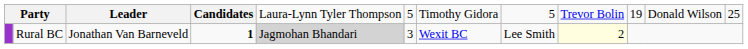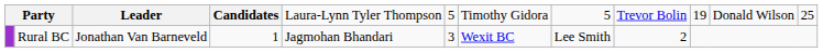 <table class="wikitable">
 <tr>
 <th colspan="2">Party</th>
 <th>Leader</th>
 <th>Candidates<br></th>
 <td>Laura-Lynn Tyler Thompson</td>
 <td style="text-align:right;">5<br></td>
 <td>Timothy Gidora</td>
 <td style="text-align:right;">5<br></td>
 <td><a href='#'>Trevor Bolin</a></td>
 <td style="text-align:right;">19<br></td>
 <td>Donald Wilson</td>
 <td style="text-align:right;">25</td>
 </tr>
 <tr>
 <td style="background-color:#9932CC;"> </td>
 <td>Rural BC</td>
 <td>Jonathan Van Barneveld</td>
-<td style="text-align:right;"><strong>1<br></strong></td>
-<td style="background: lightgrey;">Jagmohan Bhandari</td>
+<td style="text-align:right;">1<br></td>
+<td>Jagmohan Bhandari</td>
 <td style="text-align:right;">3<br></td>
 <td><a href='#'>Wexit BC</a></td>
 <td>Lee Smith</td>
-<td style="background: lightyellow; text-align:right;">2</td>
+<td style="text-align:right;">2</td>
 </tr>
 </table>
